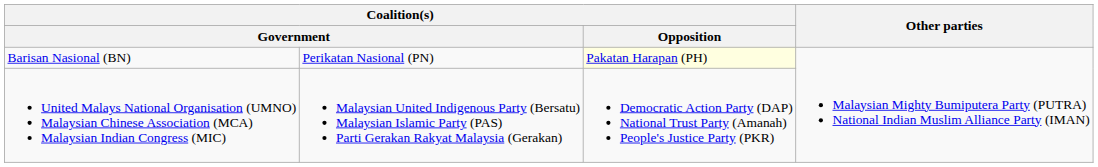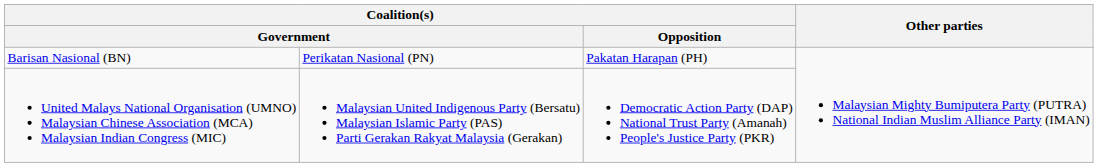 <table class="wikitable">
 <tr>
 <th colspan="3">Coalition(s)</th>
 <th rowspan="2">Other parties</th>
 </tr>
 <tr>
 <th colspan="2">Government</th>
 <th colspan="1">Opposition</th>
 </tr>
 <tr>
 <td><a href='#'>Barisan Nasional</a> (BN)</td>
 <td> <a href='#'>Perikatan Nasional</a> (PN)</td>
-<td style="background: lightyellow;"> <a href='#'>Pakatan Harapan</a> (PH)</td>
+<td> <a href='#'>Pakatan Harapan</a> (PH)</td>
 <td rowspan="2"><br><ul><li> <a href='#'>Malaysian Mighty Bumiputera Party</a> (PUTRA)</li><li><a href='#'>National Indian Muslim Alliance Party</a> (IMAN)</li></ul></td>
 </tr>
 <tr>
 <td><br><ul><li> <a href='#'>United Malays National Organisation</a> (UMNO)</li><li> <a href='#'>Malaysian Chinese Association</a> (MCA)</li><li> <a href='#'>Malaysian Indian Congress</a> (MIC)</li></ul></td>
 <td><br><ul><li> <a href='#'>Malaysian United Indigenous Party</a> (Bersatu)</li><li> <a href='#'>Malaysian Islamic Party</a> (PAS)</li><li> <a href='#'>Parti Gerakan Rakyat Malaysia</a> (Gerakan)</li></ul></td>
 <td><br><ul><li> <a href='#'>Democratic Action Party</a> (DAP)</li><li> <a href='#'>National Trust Party</a> (Amanah)</li><li> <a href='#'>People's Justice Party</a> (PKR)</li></ul></td>
 </tr>
 </table>
